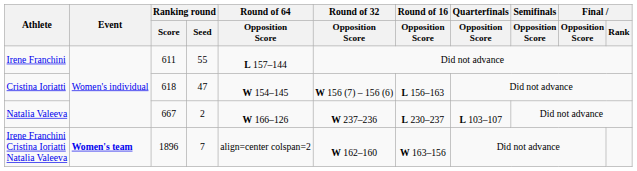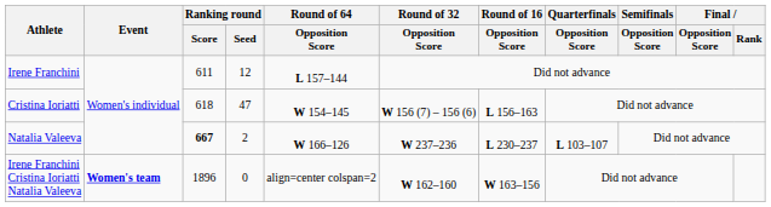 <table class="wikitable" style="font-size:90%">
 <tr>
 <th rowspan="2">Athlete</th>
 <th rowspan="2">Event</th>
 <th colspan="2">Ranking round</th>
 <th>Round of 64</th>
 <th>Round of 32</th>
 <th>Round of 16</th>
 <th>Quarterfinals</th>
 <th>Semifinals</th>
 <th colspan="2">Final / </th>
 </tr>
 <tr style="font-size:95%">
 <th>Score</th>
 <th>Seed</th>
 <th>Opposition<br>Score</th>
 <th>Opposition<br>Score</th>
 <th>Opposition<br>Score</th>
 <th>Opposition<br>Score</th>
 <th>Opposition<br>Score</th>
 <th>Opposition<br>Score</th>
 <th>Rank</th>
 </tr>
 <tr>
 <td align=left><a href='#'>Irene Franchini</a></td>
 <td align=left rowspan=3><a href='#'>Women's individual</a></td>
 <td align=center>611</td>
-<td align=center>55</td>
+<td align=center>12</td>
 <td align=center><br><strong>L</strong> 157–144</td>
 <td align=center colspan=6>Did not advance</td>
 </tr>
 <tr>
 <td align=left><a href='#'>Cristina Ioriatti</a></td>
 <td align=center>618</td>
 <td align=center>47</td>
 <td align=center><br><strong>W</strong> 154–145</td>
 <td align=center><br><strong>W</strong> 156 (7) – 156 (6)</td>
 <td align=center><br><strong>L</strong> 156–163</td>
 <td align=center colspan=4>Did not advance</td>
 </tr>
 <tr>
 <td align=left><a href='#'>Natalia Valeeva</a></td>
-<td align=center>667</td>
+<td align=center><strong>667</strong></td>
 <td align=center>2</td>
 <td align=center><br><strong>W</strong> 166–126</td>
 <td align=center><br><strong>W</strong> 237–236</td>
 <td align=center><br><strong>L</strong> 230–237</td>
 <td align=center><br><strong>L</strong> 103–107</td>
 <td align=center colspan=3>Did not advance</td>
 </tr>
 <tr>
 <td align=left><a href='#'>Irene Franchini</a><br> <a href='#'>Cristina Ioriatti</a><br> <a href='#'>Natalia Valeeva</a></td>
 <td align=left><strong><a href='#'>Women's team</a></strong></td>
 <td align=center>1896</td>
-<td align=center>7</td>
+<td align=center>0</td>
 <td>align=center colspan=2 </td>
 <td align=center><br><strong>W</strong> 162–160</td>
 <td align=center><br><strong>W</strong> 163–156</td>
 <td align=center colspan=3>Did not advance</td>
 </tr>
 </table>
